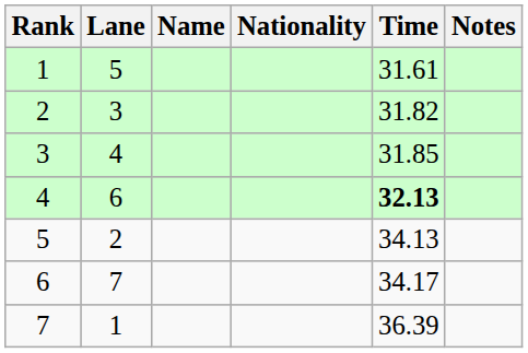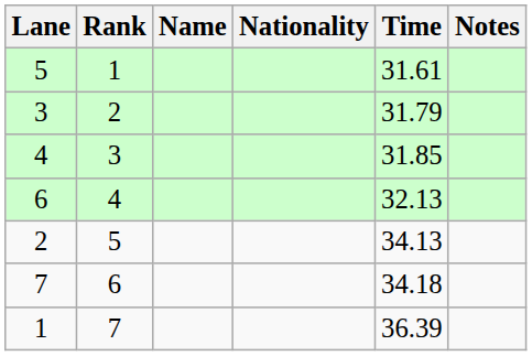 <table class="wikitable sortable" style="text-align:center">
 <tr>
+<th>Lane</th>
 <th>Rank</th>
-<th>Lane</th>
 <th>Name</th>
 <th>Nationality</th>
 <th>Time</th>
 <th>Notes</th>
 </tr>
 <tr bgcolor=ccffcc>
+<td>5</td>
 <td>1</td>
-<td>5</td>
 <td align=left></td>
 <td align=left></td>
 <td>31.61</td>
 <td><strong></strong></td>
 </tr>
 <tr bgcolor=ccffcc>
+<td>3</td>
 <td>2</td>
-<td>3</td>
 <td align=left></td>
 <td align=left></td>
-<td>31.82</td>
+<td>31.79</td>
 <td><strong></strong></td>
 </tr>
 <tr bgcolor=ccffcc>
+<td>4</td>
 <td>3</td>
-<td>4</td>
 <td align=left></td>
 <td align=left></td>
 <td>31.85</td>
 <td><strong></strong></td>
 </tr>
 <tr bgcolor=ccffcc>
+<td>6</td>
 <td>4</td>
-<td>6</td>
 <td align=left></td>
 <td align=left></td>
-<td><strong>32.13</strong></td>
+<td>32.13</td>
 <td><strong></strong></td>
 </tr>
 <tr>
+<td>2</td>
 <td>5</td>
-<td>2</td>
 <td align=left></td>
 <td align=left></td>
 <td>34.13</td>
 <td></td>
 </tr>
 <tr>
+<td>7</td>
 <td>6</td>
-<td>7</td>
 <td align=left></td>
 <td align=left></td>
-<td>34.17</td>
+<td>34.18</td>
 <td></td>
 </tr>
 <tr>
+<td>1</td>
 <td>7</td>
-<td>1</td>
 <td align=left></td>
 <td align=left></td>
 <td>36.39</td>
 <td></td>
 </tr>
 </table>
